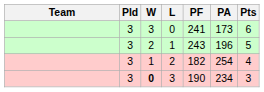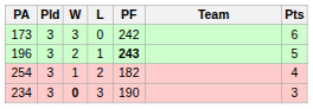 <table class="wikitable" style="text-align:center;">
 <tr>
-<th width=170>Team</th>
+<th width=35>PA</th>
 <th width=25>Pld</th>
 <th width=25>W</th>
 <th width=25>L</th>
 <th width=35>PF</th>
-<th width=35>PA</th>
+<th width=170>Team</th>
 <th width=25>Pts</th>
 </tr>
 <tr bgcolor=#ccffcc>
-<td align="left"></td>
+<td>173</td>
 <td>3</td>
 <td>3</td>
 <td>0</td>
-<td>241</td>
-<td>173</td>
+<td>242</td>
+<td align="left"></td>
 <td>6</td>
 </tr>
 <tr bgcolor=#ccffcc>
-<td align="left"></td>
+<td>196</td>
 <td>3</td>
 <td>2</td>
 <td>1</td>
-<td>243</td>
-<td>196</td>
+<td><strong>243</strong></td>
+<td align="left"></td>
 <td>5</td>
 </tr>
 <tr bgcolor=#ffcccc>
-<td align="left"></td>
+<td>254</td>
 <td>3</td>
 <td>1</td>
 <td>2</td>
 <td>182</td>
-<td>254</td>
+<td align="left"></td>
 <td>4</td>
 </tr>
 <tr bgcolor=#ffcccc>
-<td align="left"></td>
+<td>234</td>
 <td>3</td>
 <td><strong>0</strong></td>
 <td>3</td>
 <td>190</td>
-<td>234</td>
+<td align="left"></td>
 <td>3</td>
 </tr>
 </table>
